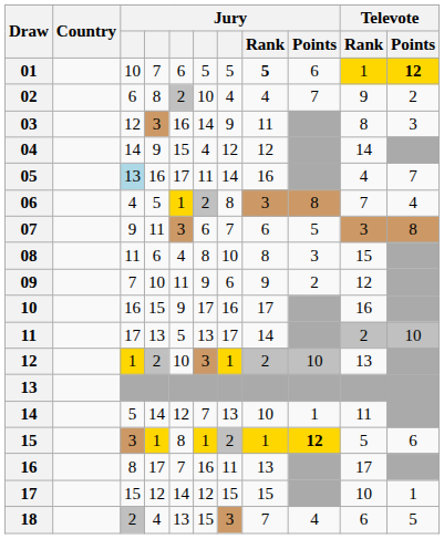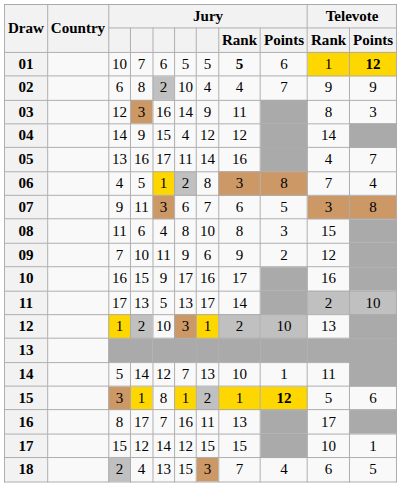 <table class="sortable wikitable collapsible plainrowheaders" style="text-align:center;">
 <tr>
 </tr>
 <tr>
 <th scope="col" rowspan="2">Draw</th>
 <th scope="col" rowspan="2">Country</th>
 <th scope="col" colspan="7">Jury</th>
 <th scope="col" colspan="2">Televote</th>
 </tr>
 <tr>
 <th scope="col"><small></small></th>
 <th scope="col"><small></small></th>
 <th scope="col"><small></small></th>
 <th scope="col"><small></small></th>
 <th scope="col"><small></small></th>
 <th scope="col">Rank</th>
 <th scope="col">Points</th>
 <th scope="col">Rank</th>
 <th scope="col">Points</th>
 </tr>
 <tr>
 <th scope="row" style="text-align:center;">01</th>
 <td style="text-align:left;"></td>
 <td>10</td>
 <td>7</td>
 <td>6</td>
 <td>5</td>
 <td>5</td>
 <td><strong>5</strong></td>
 <td>6</td>
 <td style="background:gold;">1</td>
 <td style="background:gold;"><strong>12</strong></td>
 </tr>
 <tr>
 <th scope="row" style="text-align:center;">02</th>
 <td style="text-align:left;"></td>
 <td>6</td>
 <td>8</td>
 <td style="background:silver;">2</td>
 <td>10</td>
 <td>4</td>
 <td>4</td>
 <td>7</td>
 <td>9</td>
-<td>2</td>
+<td>9</td>
 </tr>
 <tr>
 <th scope="row" style="text-align:center;">03</th>
 <td style="text-align:left;"></td>
 <td>12</td>
 <td style="background:#CC9966;">3</td>
 <td>16</td>
 <td>14</td>
 <td>9</td>
 <td>11</td>
 <td style="background:#AAAAAA;"></td>
 <td>8</td>
 <td>3</td>
 </tr>
 <tr>
 <th scope="row" style="text-align:center;">04</th>
 <td style="text-align:left;"></td>
 <td>14</td>
 <td>9</td>
 <td>15</td>
 <td>4</td>
 <td>12</td>
 <td>12</td>
 <td style="background:#AAAAAA;"></td>
 <td>14</td>
 <td style="background:#AAAAAA;"></td>
 </tr>
 <tr>
 <th scope="row" style="text-align:center;">05</th>
 <td style="text-align:left;"></td>
-<td style="background: lightblue;">13</td>
+<td>13</td>
 <td>16</td>
 <td>17</td>
 <td>11</td>
 <td>14</td>
 <td>16</td>
 <td style="background:#AAAAAA;"></td>
 <td>4</td>
 <td>7</td>
 </tr>
 <tr>
 <th scope="row" style="text-align:center;">06</th>
 <td style="text-align:left;"></td>
 <td>4</td>
 <td>5</td>
 <td style="background:gold;">1</td>
 <td style="background:silver;">2</td>
 <td>8</td>
 <td style="background:#CC9966;">3</td>
 <td style="background:#CC9966;">8</td>
 <td>7</td>
 <td>4</td>
 </tr>
 <tr>
 <th scope="row" style="text-align:center;">07</th>
 <td style="text-align:left;"></td>
 <td>9</td>
 <td>11</td>
 <td style="background:#CC9966;">3</td>
 <td>6</td>
 <td>7</td>
 <td>6</td>
 <td>5</td>
 <td style="background:#CC9966;">3</td>
 <td style="background:#CC9966;">8</td>
 </tr>
 <tr>
 <th scope="row" style="text-align:center;">08</th>
 <td style="text-align:left;"></td>
 <td>11</td>
 <td>6</td>
 <td>4</td>
 <td>8</td>
 <td>10</td>
 <td>8</td>
 <td>3</td>
 <td>15</td>
 <td style="background:#AAAAAA;"></td>
 </tr>
 <tr>
 <th scope="row" style="text-align:center;">09</th>
 <td style="text-align:left;"></td>
 <td>7</td>
 <td>10</td>
 <td>11</td>
 <td>9</td>
 <td>6</td>
 <td>9</td>
 <td>2</td>
 <td>12</td>
 <td style="background:#AAAAAA;"></td>
 </tr>
 <tr>
 <th scope="row" style="text-align:center;">10</th>
 <td style="text-align:left;"></td>
 <td>16</td>
 <td>15</td>
 <td>9</td>
 <td>17</td>
 <td>16</td>
 <td>17</td>
 <td style="background:#AAAAAA;"></td>
 <td>16</td>
 <td style="background:#AAAAAA;"></td>
 </tr>
 <tr>
 <th scope="row" style="text-align:center;">11</th>
 <td style="text-align:left;"></td>
 <td>17</td>
 <td>13</td>
 <td>5</td>
 <td>13</td>
 <td>17</td>
 <td>14</td>
 <td style="background:#AAAAAA;"></td>
 <td style="background:silver;">2</td>
 <td style="background:silver;">10</td>
 </tr>
 <tr>
 <th scope="row" style="text-align:center;">12</th>
 <td style="text-align:left;"></td>
 <td style="background:gold;">1</td>
 <td style="background:silver;">2</td>
 <td>10</td>
 <td style="background:#CC9966;">3</td>
 <td style="background:gold;">1</td>
 <td style="background:silver;">2</td>
 <td style="background:silver;">10</td>
 <td>13</td>
 <td style="background:#AAAAAA;"></td>
 </tr>
 <tr class="sortbottom">
 <th scope="row" style="text-align:center;">13</th>
 <td style="text-align:left;"></td>
 <td style="background:#AAAAAA;"></td>
 <td style="background:#AAAAAA;"></td>
 <td style="background:#AAAAAA;"></td>
 <td style="background:#AAAAAA;"></td>
 <td style="background:#AAAAAA;"></td>
 <td style="background:#AAAAAA;"></td>
 <td style="background:#AAAAAA;"></td>
 <td style="background:#AAAAAA;"></td>
 <td style="background:#AAAAAA;"></td>
 </tr>
 <tr>
 <th scope="row" style="text-align:center;">14</th>
 <td style="text-align:left;"></td>
 <td>5</td>
 <td>14</td>
 <td>12</td>
 <td>7</td>
 <td>13</td>
 <td>10</td>
 <td>1</td>
 <td>11</td>
 <td style="background:#AAAAAA;"></td>
 </tr>
 <tr>
 <th scope="row" style="text-align:center;">15</th>
 <td style="text-align:left;"></td>
 <td style="background:#CC9966;">3</td>
 <td style="background:gold;">1</td>
 <td>8</td>
 <td style="background:gold;">1</td>
 <td style="background:silver;">2</td>
 <td style="background:gold;">1</td>
 <td style="background:gold;"><strong>12</strong></td>
 <td>5</td>
 <td>6</td>
 </tr>
 <tr>
 <th scope="row" style="text-align:center;">16</th>
 <td style="text-align:left;"></td>
 <td>8</td>
 <td>17</td>
 <td>7</td>
 <td>16</td>
 <td>11</td>
 <td>13</td>
 <td style="background:#AAAAAA;"></td>
 <td>17</td>
 <td style="background:#AAAAAA;"></td>
 </tr>
 <tr>
 <th scope="row" style="text-align:center;">17</th>
 <td style="text-align:left;"></td>
 <td>15</td>
 <td>12</td>
 <td>14</td>
 <td>12</td>
 <td>15</td>
 <td>15</td>
 <td style="background:#AAAAAA;"></td>
 <td>10</td>
 <td>1</td>
 </tr>
 <tr>
 <th scope="row" style="text-align:center;">18</th>
 <td style="text-align:left;"></td>
 <td style="background:silver;">2</td>
 <td>4</td>
 <td>13</td>
 <td>15</td>
 <td style="background:#CC9966;">3</td>
 <td>7</td>
 <td>4</td>
 <td>6</td>
 <td>5</td>
 </tr>
 </table>
